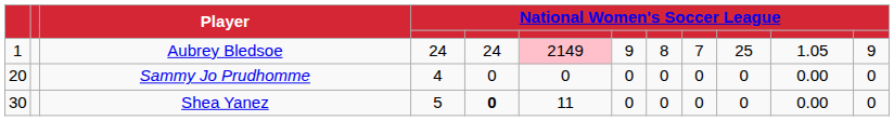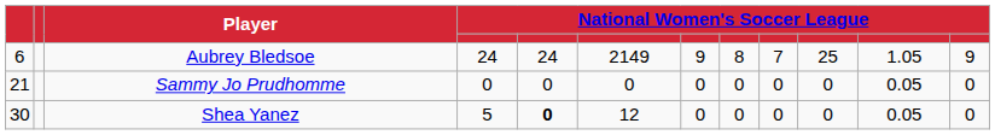 <table class="wikitable" style="text-align:center;">
 <tr>
 <td rowspan="2"  style="color:white; background:#D52635; width:1%; text-align:center;"><strong></strong></td>
 <td rowspan="2"  style="color:white; background:#D52635; width:1%; text-align:center;"><strong></strong></td>
 <td rowspan="2"  style="color:white; background:#D52635; width:42%; text-align:center;"><strong>Player</strong></td>
 <td colspan="9" style="color:white; background:#D52635; text-align:center;"><strong><a href='#'>National Women's Soccer League</a></strong></td>
 </tr>
 <tr>
 <th style="color:white; background:#D52635; width=60"></th>
 <th style="color:white; background:#D52635; width=60"></th>
 <th style="color:white; background:#D52635; width=60"></th>
 <th style="color:white; background:#D52635; width=60"></th>
 <th style="color:white; background:#D52635; width=60"></th>
 <th style="color:white; background:#D52635; width=60"></th>
 <th style="color:white; background:#D52635; width=60"></th>
 <th style="color:white; background:#D52635; width=60"></th>
 <th style="color:white; background:#D52635; width=60"></th>
 </tr>
 <tr>
-<td>1</td>
+<td>6</td>
 <td></td>
 <td><a href='#'>Aubrey Bledsoe</a></td>
 <td>24</td>
 <td>24</td>
-<td style="background: pink;">2149</td>
+<td>2149</td>
 <td>9</td>
 <td>8</td>
 <td>7</td>
 <td>25</td>
 <td>1.05</td>
 <td>9</td>
 </tr>
 <tr>
-<td>20</td>
+<td>21</td>
 <td></td>
 <td><em><a href='#'>Sammy Jo Prudhomme</a></em></td>
-<td>4</td>
 <td>0</td>
 <td>0</td>
 <td>0</td>
 <td>0</td>
 <td>0</td>
 <td>0</td>
-<td>0.00</td>
+<td>0</td>
+<td>0.05</td>
 <td>0</td>
 </tr>
 <tr>
 <td>30</td>
 <td></td>
 <td><a href='#'>Shea Yanez</a></td>
 <td>5</td>
 <td><strong>0</strong></td>
-<td>11</td>
+<td>12</td>
 <td>0</td>
 <td>0</td>
 <td>0</td>
 <td>0</td>
-<td>0.00</td>
+<td>0.05</td>
 <td>0</td>
 </tr>
 </table>
